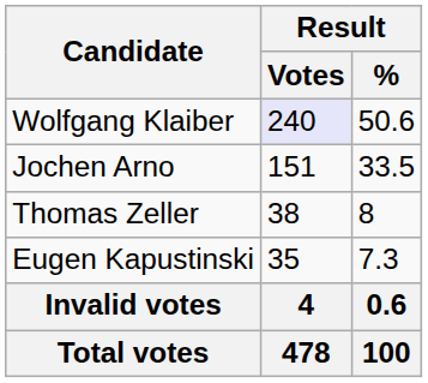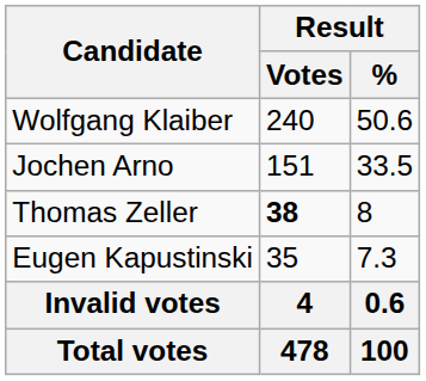 <table class="wikitable">
 <tr>
 <th rowspan="2">Candidate</th>
 <th colspan="2">Result</th>
 </tr>
 <tr>
 <th>Votes</th>
 <th>%</th>
 </tr>
 <tr>
 <td>Wolfgang Klaiber</td>
-<td style="background: lavender;">240</td>
+<td>240</td>
 <td>50.6</td>
 </tr>
 <tr>
 <td>Jochen Arno</td>
 <td>151</td>
 <td>33.5</td>
 </tr>
 <tr>
 <td>Thomas Zeller</td>
-<td>38</td>
+<td><strong>38</strong></td>
 <td>8</td>
 </tr>
 <tr>
 <td>Eugen Kapustinski</td>
 <td>35</td>
 <td>7.3</td>
 </tr>
 <tr>
 <th>Invalid votes</th>
 <th>4</th>
 <th>0.6</th>
 </tr>
 <tr>
 <th>Total votes</th>
 <th>478</th>
 <th>100</th>
 </tr>
 </table>
